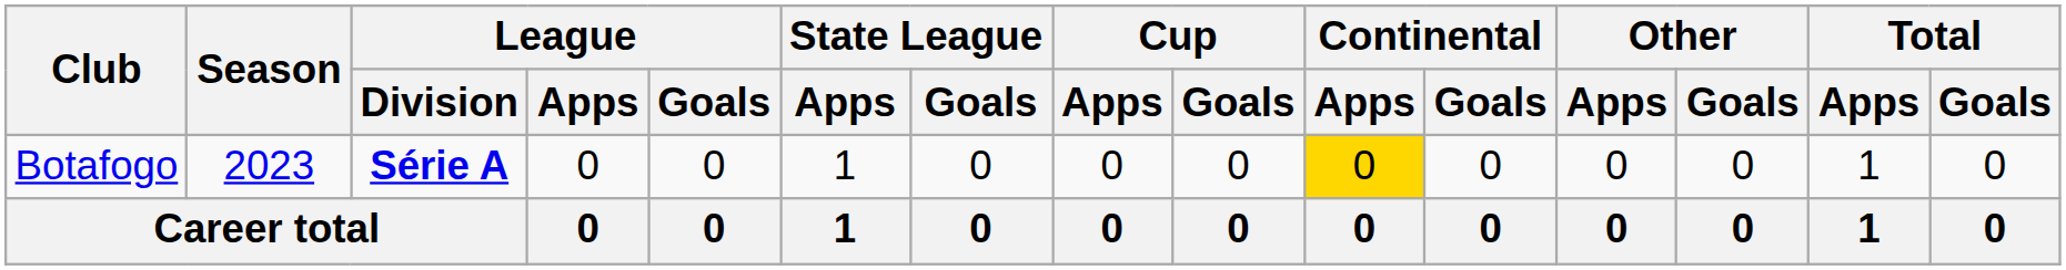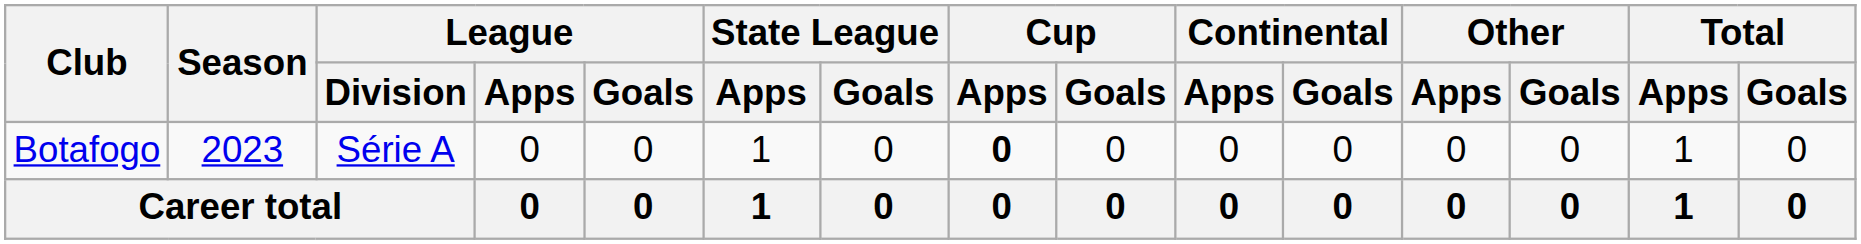 <table class="wikitable" style="text-align:center">
 <tr>
 <th rowspan="2">Club</th>
 <th rowspan="2">Season</th>
 <th colspan="3">League</th>
 <th colspan="2">State League</th>
 <th colspan="2">Cup</th>
 <th colspan="2">Continental</th>
 <th colspan="2">Other</th>
 <th colspan="2">Total</th>
 </tr>
 <tr>
 <th>Division</th>
 <th>Apps</th>
 <th>Goals</th>
 <th>Apps</th>
 <th>Goals</th>
 <th>Apps</th>
 <th>Goals</th>
 <th>Apps</th>
 <th>Goals</th>
 <th>Apps</th>
 <th>Goals</th>
 <th>Apps</th>
 <th>Goals</th>
 </tr>
 <tr>
 <td><a href='#'>Botafogo</a></td>
 <td><a href='#'>2023</a></td>
-<td><strong><a href='#'>Série A</a></strong></td>
+<td><a href='#'>Série A</a></td>
 <td>0</td>
 <td>0</td>
 <td>1</td>
 <td>0</td>
+<td><strong>0</strong></td>
 <td>0</td>
 <td>0</td>
-<td style="background: gold;">0</td>
 <td>0</td>
 <td>0</td>
 <td>0</td>
 <td>1</td>
 <td>0</td>
 </tr>
 <tr>
 <th colspan=3>Career total</th>
 <th>0</th>
 <th>0</th>
 <th>1</th>
 <th>0</th>
 <th>0</th>
 <th>0</th>
 <th>0</th>
 <th>0</th>
 <th>0</th>
 <th>0</th>
 <th>1</th>
 <th>0</th>
 </tr>
 </table>
